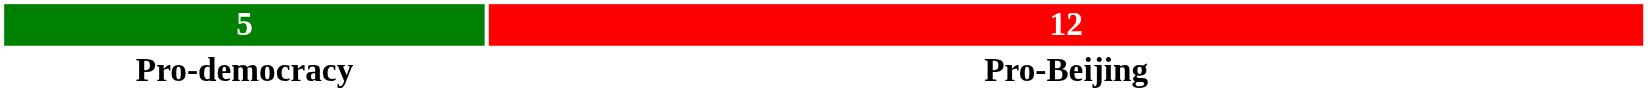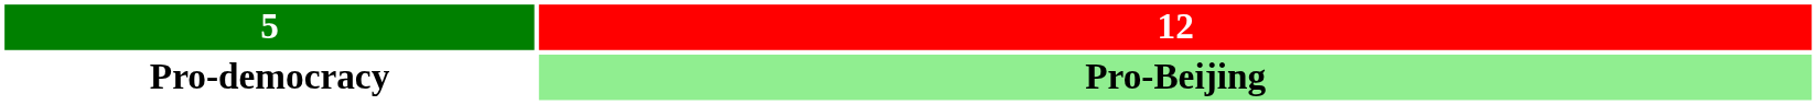 <table style="width:50%; text-align:center;">
 <tr style="color:white;">
 <td style="background:green; width:29.41%;"><strong>5</strong></td>
 <td style="background:red; width:70.59%;"><strong>12</strong></td>
 </tr>
 <tr>
 <td><span><strong>Pro-democracy</strong></span></td>
-<td><span><strong>Pro-Beijing</strong></span></td>
+<td style="background: lightgreen;"><span><strong>Pro-Beijing</strong></span></td>
 </tr>
 </table>
